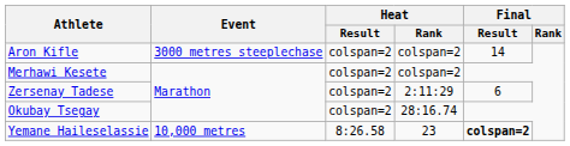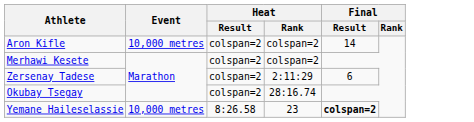 <table class="wikitable" style="font-size:90%">
 <tr>
 <th rowspan="2">Athlete</th>
 <th rowspan="2">Event</th>
 <th colspan="2">Heat</th>
 <th colspan="2">Final</th>
 </tr>
 <tr style="font-size:95%">
 <th>Result</th>
 <th>Rank</th>
 <th>Result</th>
 <th>Rank</th>
 </tr>
 <tr style=text-align:center>
 <td style=text-align:left><a href='#'>Aron Kifle</a></td>
-<td style=text-align:left><a href='#'>3000 metres steeplechase</a></td>
+<td style=text-align:left><a href='#'>10,000 metres</a></td>
 <td>colspan=2</td>
 <td>colspan=2</td>
 <td>14</td>
 </tr>
 <tr style=text-align:center>
 <td style=text-align:left><a href='#'>Merhawi Kesete</a></td>
 <td style=text-align:left rowspan=3><a href='#'>Marathon</a></td>
 <td>colspan=2</td>
 <td>colspan=2</td>
 </tr>
 <tr style=text-align:center>
 <td style=text-align:left><a href='#'>Zersenay Tadese</a></td>
 <td>colspan=2</td>
 <td>2:11:29 </td>
 <td>6</td>
 </tr>
 <tr style=text-align:center>
 <td style=text-align:left><a href='#'>Okubay Tsegay</a></td>
 <td>colspan=2</td>
 <td>28:16.74</td>
 </tr>
 <tr style=text-align:center>
 <td style=text-align:left><a href='#'>Yemane Haileselassie</a></td>
 <td style=text-align:left><a href='#'>10,000 metres</a></td>
 <td>8:26.58</td>
 <td>23</td>
 <td><strong>colspan=2</strong></td>
 </tr>
 </table>
